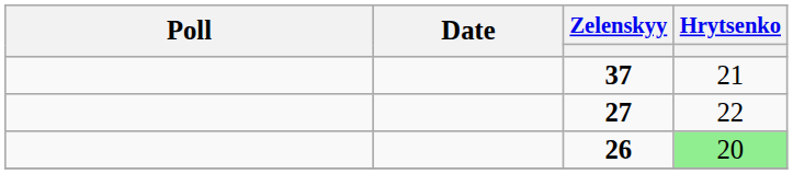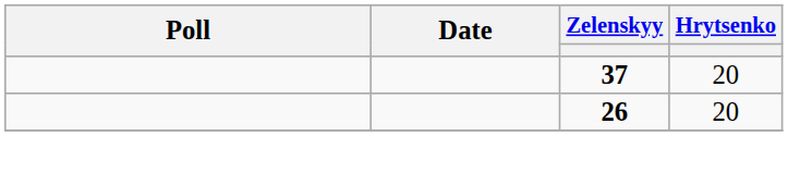 <table class="wikitable" style="text-align:center;font-size:95%;line-height:14px;">
 <tr>
 <th rowspan=2 style="width:200px;">Poll</th>
 <th rowspan=2 style="width:100px;">Date</th>
 <th><small><a href='#'>Zelenskyy</a></small><br></th>
 <th><small><a href='#'>Hrytsenko</a></small><br></th>
 </tr>
 <tr>
 <th style="background:"></th>
 <th style="background:"></th>
 </tr>
 <tr>
 <td></td>
 <td></td>
 <td style="background-color:#"><strong>37</strong></td>
-<td>21</td>
-</tr>
-<tr>
-<td> </td>
-<td></td>
-<td style="background-color:#"><strong>27</strong></td>
-<td>22</td>
+<td>20</td>
 </tr>
 <tr>
 <td> </td>
 <td></td>
 <td style="background-color:#"><strong>26</strong></td>
-<td style="background: lightgreen;">20</td>
+<td>20</td>
 </tr>
 <tr>
 </tr>
 </table>
